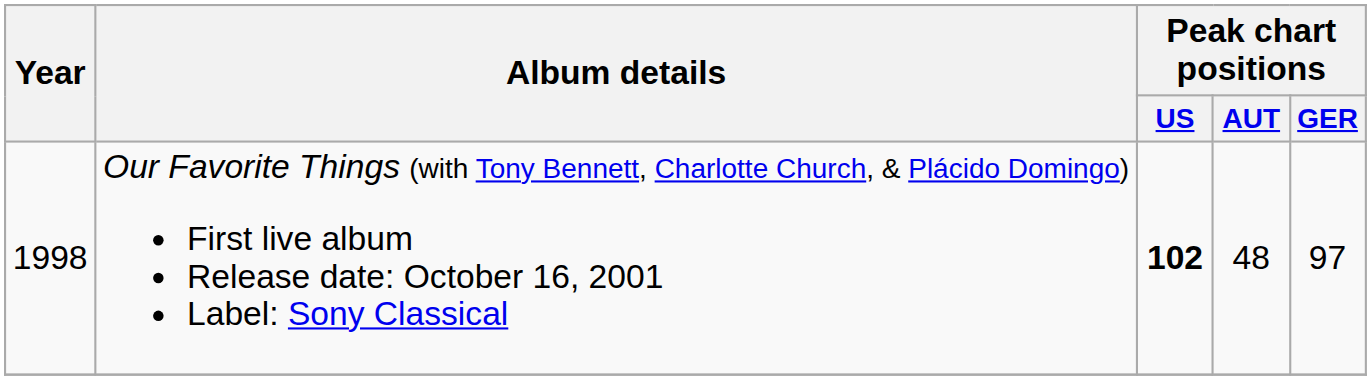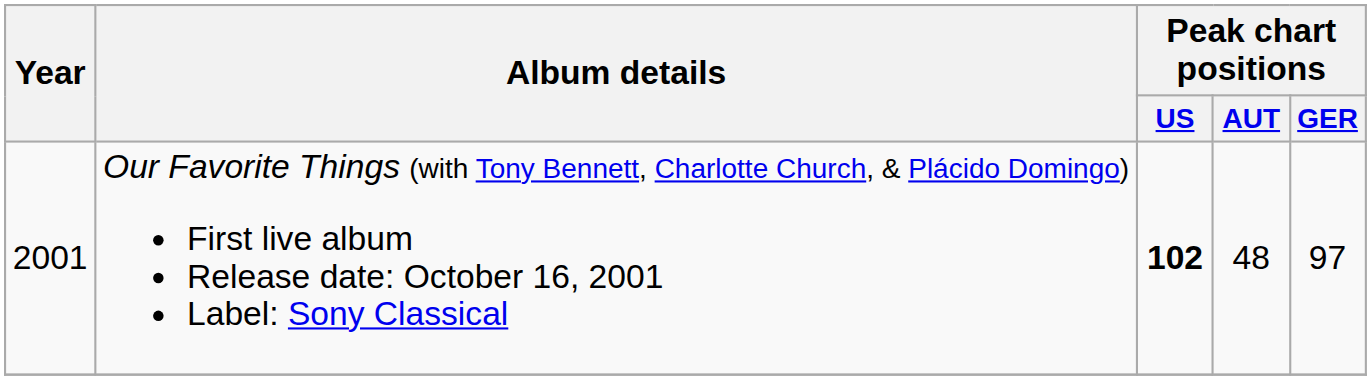 <table class="wikitable" style="text-align:center;">
 <tr>
 <th rowspan="2">Year</th>
 <th rowspan="2">Album details</th>
 <th colspan="3">Peak chart positions</th>
 </tr>
 <tr style="font-size:smaller;">
 <th width="30"><a href='#'>US</a><br></th>
 <th width="30"><a href='#'>AUT</a><br></th>
 <th width="30"><a href='#'>GER</a><br></th>
 </tr>
 <tr>
-<td>1998</td>
+<td>2001</td>
 <td align="left"><em>Our Favorite Things</em> <small>(with <a href='#'>Tony Bennett</a>, <a href='#'>Charlotte Church</a>, & <a href='#'>Plácido Domingo</a>)</small> <br><ul><li>First live album</li><li>Release date: October 16, 2001</li><li>Label: <a href='#'>Sony Classical</a></li></ul></td>
 <td><strong>102</strong></td>
 <td>48</td>
 <td>97</td>
 </tr>
 <tr>
 </tr>
 </table>
